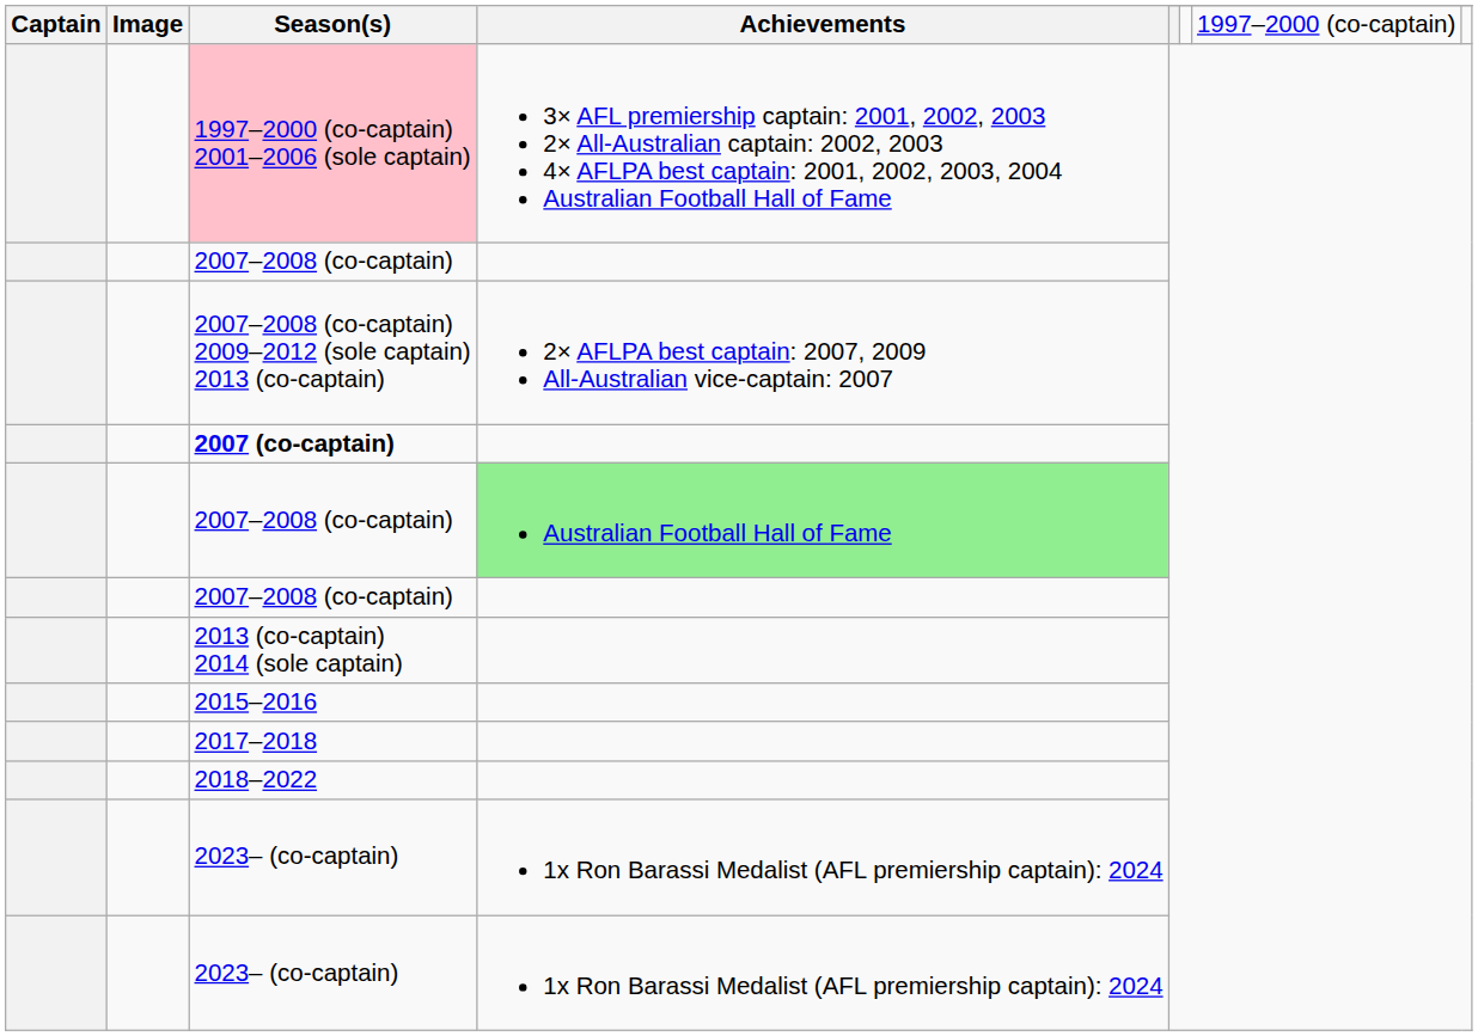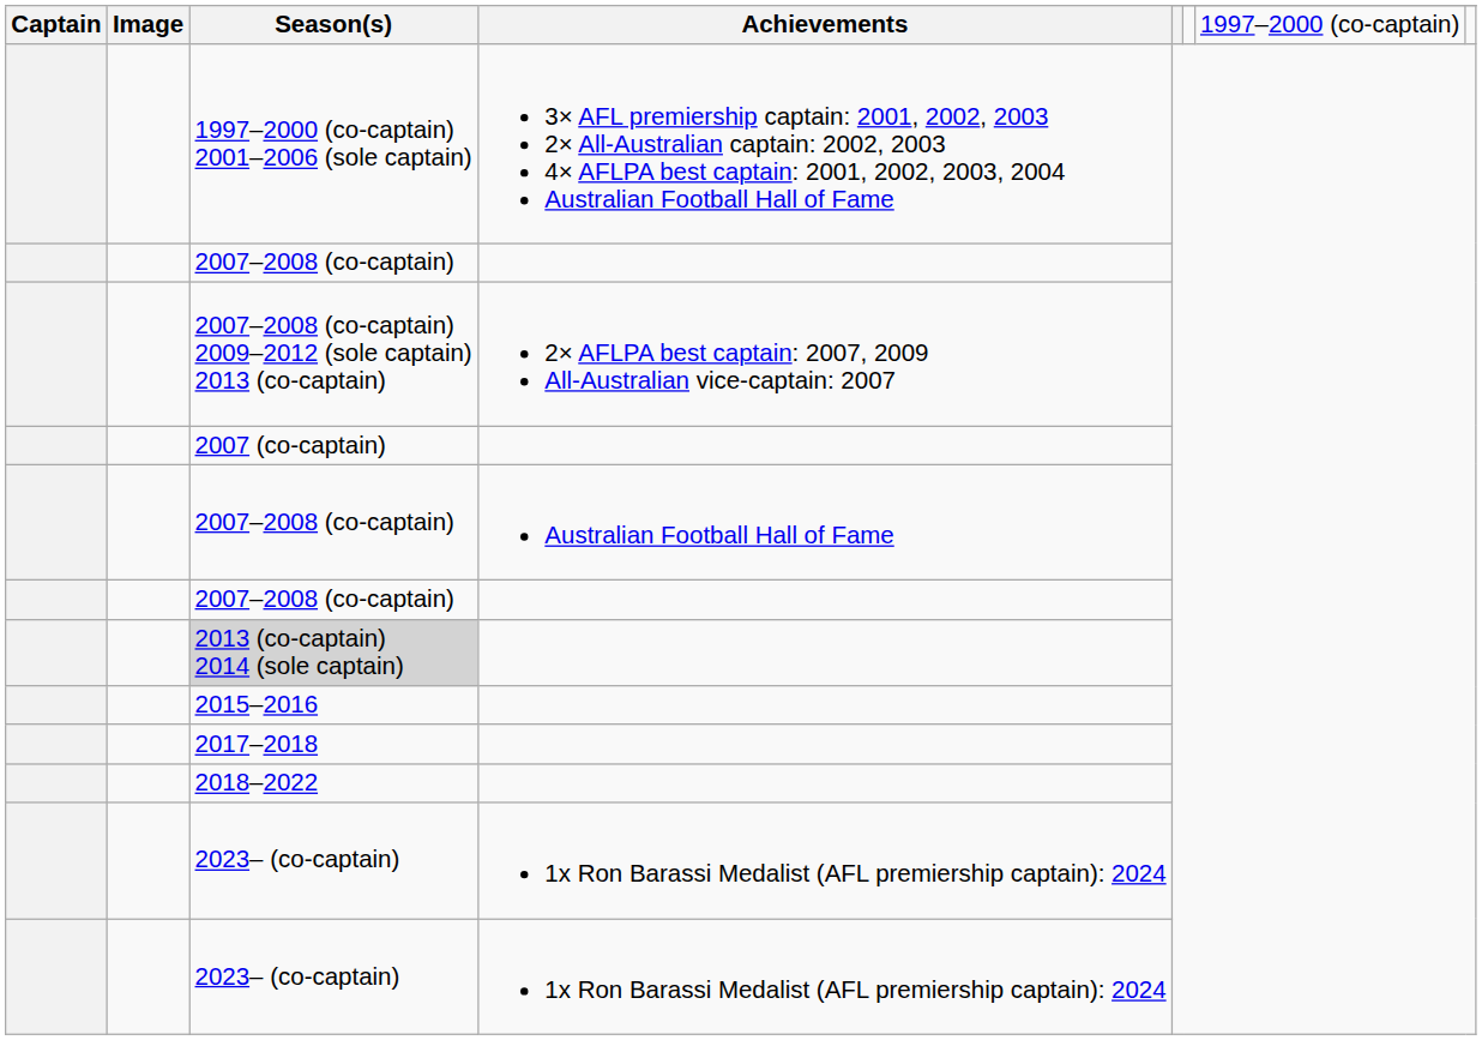 <table class="wikitable plainrowheaders sortable" style="text-align:left">
 <tr>
 <th scope="col" rowspan=2>Captain</th>
 <th scope="col" class="unsortable" rowspan=2>Image</th>
 <th scope="col" rowspan=2>Season(s)</th>
 <th scope="col" class="unsortable" rowspan=2>Achievements</th>
 </tr>
 <tr>
 <th scope="row"></th>
 <td></td>
 <td><a href='#'>1997</a>–<a href='#'>2000</a> (co-captain)</td>
 <td></td>
 </tr>
 <tr>
 <th scope="row"></th>
 <td></td>
-<td style="background: pink;"><a href='#'>1997</a>–<a href='#'>2000</a> (co-captain)<br><a href='#'>2001</a>–<a href='#'>2006</a> (sole captain)</td>
+<td><a href='#'>1997</a>–<a href='#'>2000</a> (co-captain)<br><a href='#'>2001</a>–<a href='#'>2006</a> (sole captain)</td>
 <td><br><ul><li>3× <a href='#'>AFL premiership</a> captain: <a href='#'>2001</a>, <a href='#'>2002</a>, <a href='#'>2003</a></li><li>2× <a href='#'>All-Australian</a> captain: 2002, 2003</li><li>4× <a href='#'>AFLPA best captain</a>: 2001, 2002, 2003, 2004</li><li><a href='#'>Australian Football Hall of Fame</a></li></ul></td>
 </tr>
 <tr>
 <th scope="row"></th>
 <td></td>
 <td align="left"><a href='#'>2007</a>–<a href='#'>2008</a> (co-captain)</td>
 <td></td>
 </tr>
 <tr>
 <th scope="row"></th>
 <td></td>
 <td><a href='#'>2007</a>–<a href='#'>2008</a> (co-captain)<br><a href='#'>2009</a>–<a href='#'>2012</a> (sole captain)<br><a href='#'>2013</a> (co-captain)</td>
 <td><br><ul><li>2× <a href='#'>AFLPA best captain</a>: 2007, 2009</li><li><a href='#'>All-Australian</a> vice-captain: 2007</li></ul></td>
 </tr>
 <tr>
 <th scope="row"></th>
 <td></td>
-<td align="left"><strong><a href='#'>2007</a> (co-captain)</strong></td>
+<td align="left"><a href='#'>2007</a> (co-captain)</td>
 <td></td>
 </tr>
 <tr>
 <th scope="row"></th>
 <td></td>
 <td align="left"><a href='#'>2007</a>–<a href='#'>2008</a> (co-captain)</td>
-<td style="background: lightgreen;"><br><ul><li><a href='#'>Australian Football Hall of Fame</a></li></ul></td>
+<td><br><ul><li><a href='#'>Australian Football Hall of Fame</a></li></ul></td>
 </tr>
 <tr>
 <th scope="row"></th>
 <td></td>
 <td align="left"><a href='#'>2007</a>–<a href='#'>2008</a> (co-captain)</td>
 <td></td>
 </tr>
 <tr>
 <th scope="row"></th>
 <td></td>
-<td align="left"><a href='#'>2013</a> (co-captain)<br><a href='#'>2014</a> (sole captain)</td>
+<td align="left" style="background: lightgrey;"><a href='#'>2013</a> (co-captain)<br><a href='#'>2014</a> (sole captain)</td>
 <td></td>
 </tr>
 <tr>
 <th scope="row"></th>
 <td></td>
 <td align="left"><a href='#'>2015</a>–<a href='#'>2016</a></td>
 <td></td>
 </tr>
 <tr>
 <th scope="row"></th>
 <td></td>
 <td align="left"><a href='#'>2017</a>–<a href='#'>2018</a></td>
 <td></td>
 </tr>
 <tr>
 <th scope="row"></th>
 <td></td>
 <td align="left"><a href='#'>2018</a>–<a href='#'>2022</a></td>
 <td></td>
 </tr>
 <tr>
 <th scope="row"></th>
 <td></td>
 <td align="left"><a href='#'>2023</a>– (co-captain)</td>
 <td><br><ul><li>1x Ron Barassi Medalist (AFL premiership captain): <a href='#'>2024</a></li></ul></td>
 </tr>
 <tr>
 <th scope="row"></th>
 <td></td>
 <td align="left"><a href='#'>2023</a>– (co-captain)</td>
 <td><br><ul><li>1x Ron Barassi Medalist (AFL premiership captain): <a href='#'>2024</a></li></ul></td>
 </tr>
 </table>
